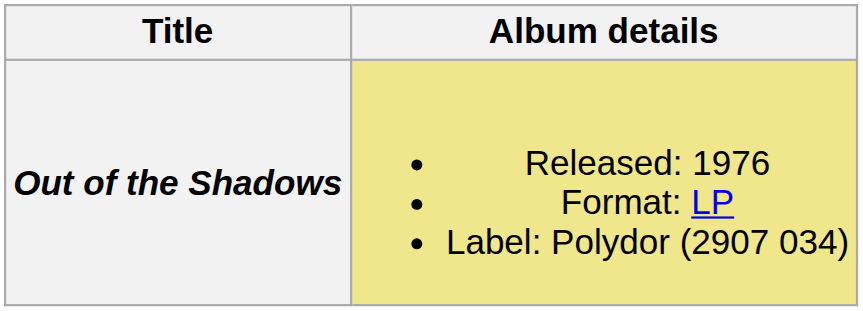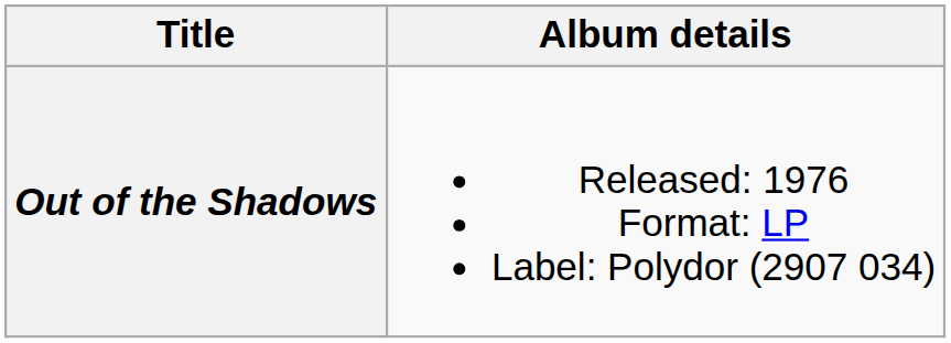 <table class="wikitable plainrowheaders" style="text-align:center;" border="1">
 <tr>
 <th>Title</th>
 <th>Album details</th>
 </tr>
 <tr>
 <th scope="row"><em>Out of the Shadows</em></th>
-<td style="background: khaki;"><br><ul><li>Released: 1976</li><li>Format: <a href='#'>LP</a></li><li>Label: Polydor (2907 034)</li></ul></td>
+<td><br><ul><li>Released: 1976</li><li>Format: <a href='#'>LP</a></li><li>Label: Polydor (2907 034)</li></ul></td>
 </tr>
 </table>
